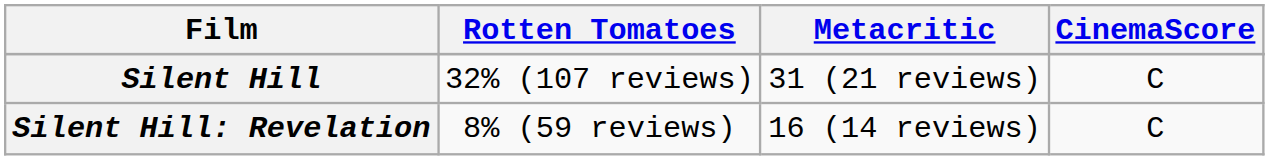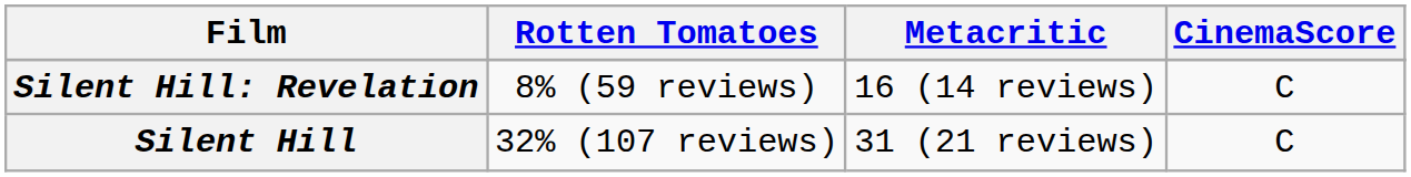 <table class="wikitable sortable plainrowheaders" style="text-align:center">
 <tr>
 <th>Film</th>
 <th><a href='#'>Rotten Tomatoes</a></th>
 <th><a href='#'>Metacritic</a></th>
 <th><a href='#'>CinemaScore</a></th>
 </tr>
 <tr>
 </tr>
 <tr>
+<th scope="row"><em>Silent Hill: Revelation</em></th>
+<td>8% (59 reviews)</td>
+<td>16 (14 reviews)</td>
+<td>C</td>
+</tr>
+<tr>
 <th scope="row"><em>Silent Hill</em></th>
 <td>32% (107 reviews)</td>
 <td>31 (21 reviews)</td>
 <td>C</td>
 </tr>
-<tr>
-<th scope="row"><em>Silent Hill: Revelation</em></th>
-<td>8% (59 reviews)</td>
-<td>16 (14 reviews)</td>
-<td>C</td>
-</tr>
 </table>
